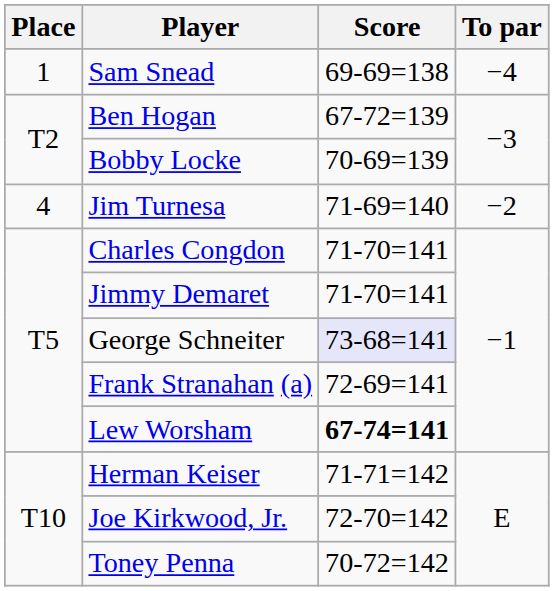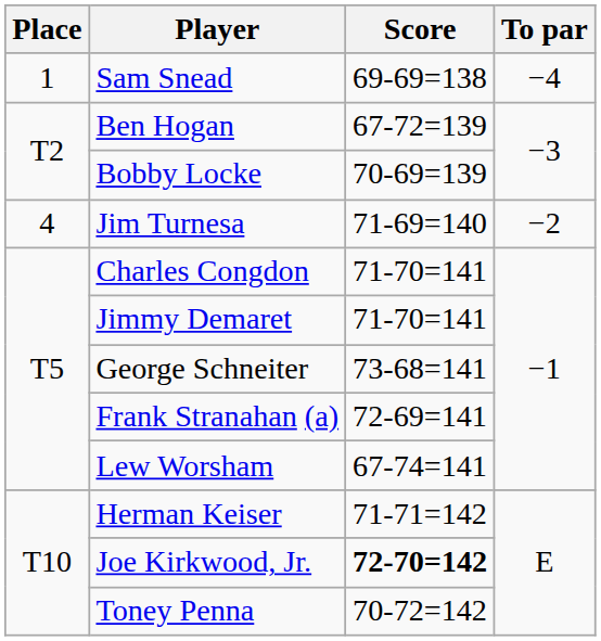 <table class=wikitable>
 <tr>
 <th>Place</th>
 <th>Player</th>
 <th>Score</th>
 <th>To par</th>
 </tr>
 <tr>
 <td align=center>1</td>
 <td> <a href='#'>Sam Snead</a></td>
 <td>69-69=138</td>
 <td align=center>−4</td>
 </tr>
 <tr>
 <td rowspan=2 align=center>T2</td>
 <td> <a href='#'>Ben Hogan</a></td>
 <td>67-72=139</td>
 <td rowspan=2 align=center>−3</td>
 </tr>
 <tr>
 <td> <a href='#'>Bobby Locke</a></td>
 <td>70-69=139</td>
 </tr>
 <tr>
 <td align=center>4</td>
 <td> <a href='#'>Jim Turnesa</a></td>
 <td>71-69=140</td>
 <td align=center>−2</td>
 </tr>
 <tr>
 <td rowspan=5 align=center>T5</td>
 <td> <a href='#'>Charles Congdon</a></td>
 <td>71-70=141</td>
 <td rowspan=5 align=center>−1</td>
 </tr>
 <tr>
 <td> <a href='#'>Jimmy Demaret</a></td>
 <td>71-70=141</td>
 </tr>
 <tr>
 <td> George Schneiter</td>
-<td style="background: lavender;">73-68=141</td>
+<td>73-68=141</td>
 </tr>
 <tr>
 <td> <a href='#'>Frank Stranahan</a> <a href='#'>(a)</a></td>
 <td>72-69=141</td>
 </tr>
 <tr>
 <td> <a href='#'>Lew Worsham</a></td>
-<td><strong>67-74=141</strong></td>
+<td>67-74=141</td>
 </tr>
 <tr>
 <td rowspan= 3 align=center>T10</td>
 <td> <a href='#'>Herman Keiser</a></td>
 <td>71-71=142</td>
 <td rowspan=3 align=center>E</td>
 </tr>
 <tr>
 <td> <a href='#'>Joe Kirkwood, Jr.</a></td>
-<td>72-70=142</td>
+<td><strong>72-70=142</strong></td>
 </tr>
 <tr>
 <td> <a href='#'>Toney Penna</a></td>
 <td>70-72=142</td>
 </tr>
 </table>
